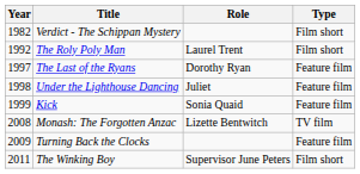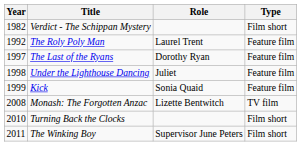 <table class="wikitable">
 <tr>
 <th>Year</th>
 <th>Title</th>
 <th>Role</th>
 <th>Type</th>
 </tr>
 <tr>
 <td>1982</td>
 <td><em>Verdict - The Schippan Mystery</em></td>
 <td></td>
 <td>Film short</td>
 </tr>
 <tr>
 <td>1992</td>
 <td><em><a href='#'>The Roly Poly Man</a></em></td>
 <td>Laurel Trent</td>
-<td>Film short</td>
+<td>Feature film</td>
 </tr>
 <tr>
 <td>1997</td>
 <td><em><a href='#'>The Last of the Ryans</a></em></td>
 <td>Dorothy Ryan</td>
 <td>Feature film</td>
 </tr>
 <tr>
 <td>1998</td>
 <td><em><a href='#'>Under the Lighthouse Dancing</a></em></td>
 <td>Juliet</td>
 <td>Feature film</td>
 </tr>
 <tr>
 <td>1999</td>
 <td><em><a href='#'>Kick</a></em></td>
 <td>Sonia Quaid</td>
 <td>Feature film</td>
 </tr>
 <tr>
 <td>2008</td>
 <td><em>Monash: The Forgotten Anzac</em></td>
 <td>Lizette Bentwitch</td>
 <td>TV film</td>
 </tr>
 <tr>
-<td>2009</td>
+<td>2010</td>
 <td><em>Turning Back the Clocks</em></td>
 <td></td>
-<td>Feature film</td>
+<td>Film short</td>
 </tr>
 <tr>
 <td>2011</td>
 <td><em>The Winking Boy</em></td>
 <td>Supervisor June Peters</td>
 <td>Film short</td>
 </tr>
 </table>
